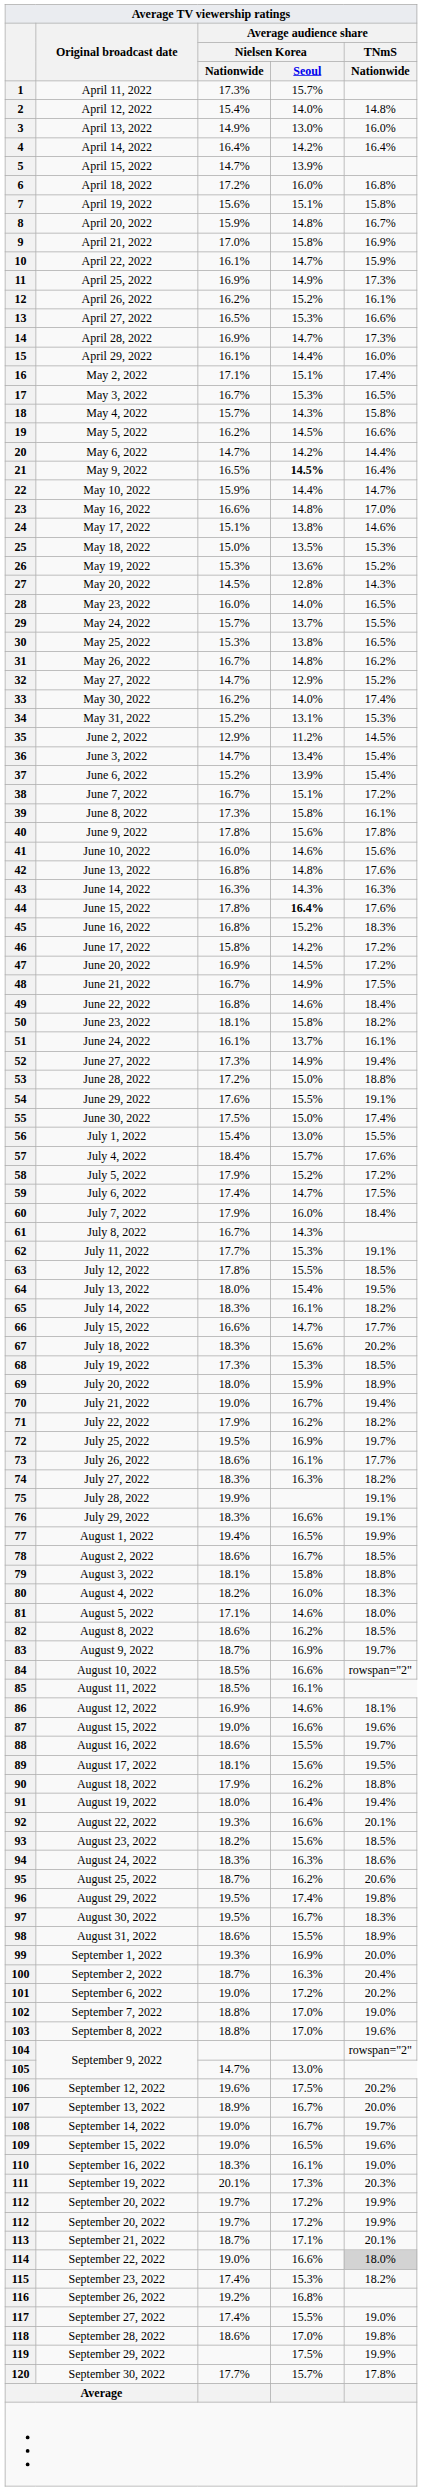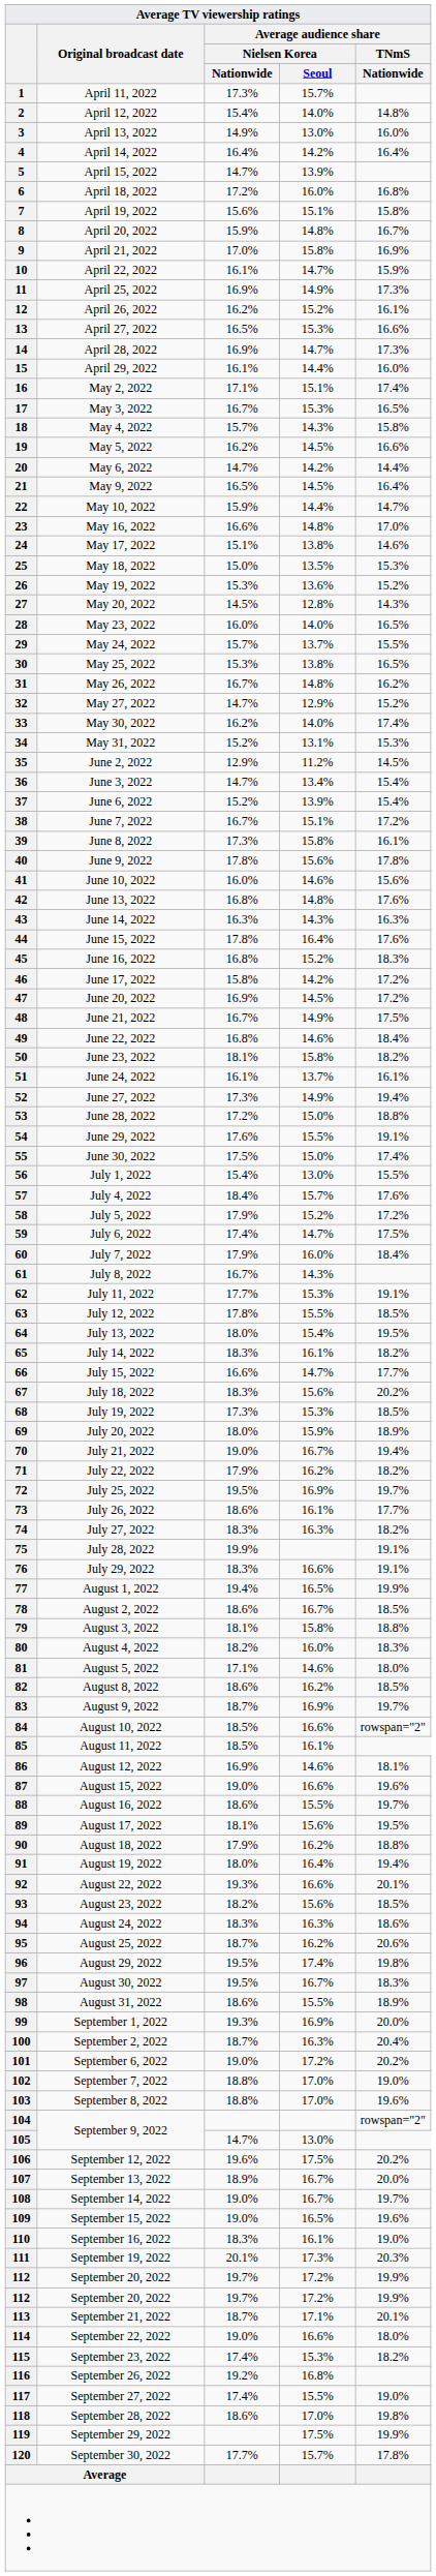 <table class="wikitable mw-collapsible mw-collapsed innercollapse" style="text-align:center; max-width:550px; margin-left: auto; margin-right: auto; border: none;">
 <tr>
 <th colspan="6" style="background:#EAECF0; color:black; text-align:center; width:550px;">Average TV viewership ratings</th>
 </tr>
 <tr>
 <th rowspan="3"></th>
 <th rowspan="3">Original broadcast date</th>
 <th colspan="3">Average audience share</th>
 </tr>
 <tr>
 <th colspan="2">Nielsen Korea</th>
 <th>TNmS</th>
 </tr>
 <tr>
 <th width="90">Nationwide</th>
 <th width="90"><a href='#'>Seoul</a></th>
 <th width="90">Nationwide</th>
 </tr>
 <tr>
 <th>1</th>
 <td>April 11, 2022</td>
 <td>17.3% </td>
 <td>15.7% </td>
 <td></td>
 </tr>
 <tr>
 <th>2</th>
 <td>April 12, 2022</td>
 <td>15.4% </td>
 <td>14.0% </td>
 <td>14.8% </td>
 </tr>
 <tr>
 <th>3</th>
 <td>April 13, 2022</td>
 <td>14.9% </td>
 <td>13.0% </td>
 <td>16.0% </td>
 </tr>
 <tr>
 <th>4</th>
 <td>April 14, 2022</td>
 <td>16.4% </td>
 <td>14.2% </td>
 <td>16.4% </td>
 </tr>
 <tr>
 <th>5</th>
 <td>April 15, 2022</td>
 <td>14.7% </td>
 <td>13.9% </td>
 <td> </td>
 </tr>
 <tr>
 <th>6</th>
 <td>April 18, 2022</td>
 <td>17.2% </td>
 <td>16.0% </td>
 <td>16.8% </td>
 </tr>
 <tr>
 <th>7</th>
 <td>April 19, 2022</td>
 <td>15.6% </td>
 <td>15.1% </td>
 <td>15.8% </td>
 </tr>
 <tr>
 <th>8</th>
 <td>April 20, 2022</td>
 <td>15.9% </td>
 <td>14.8% </td>
 <td>16.7% </td>
 </tr>
 <tr>
 <th>9</th>
 <td>April 21, 2022</td>
 <td>17.0% </td>
 <td>15.8% </td>
 <td>16.9% </td>
 </tr>
 <tr>
 <th>10</th>
 <td>April 22, 2022</td>
 <td>16.1% </td>
 <td>14.7% </td>
 <td>15.9% </td>
 </tr>
 <tr>
 <th>11</th>
 <td>April 25, 2022</td>
 <td>16.9% </td>
 <td>14.9% </td>
 <td>17.3% </td>
 </tr>
 <tr>
 <th>12</th>
 <td>April 26, 2022</td>
 <td>16.2% </td>
 <td>15.2% </td>
 <td>16.1% </td>
 </tr>
 <tr>
 <th>13</th>
 <td>April 27, 2022</td>
 <td>16.5% </td>
 <td>15.3% </td>
 <td>16.6% </td>
 </tr>
 <tr>
 <th>14</th>
 <td>April 28, 2022</td>
 <td>16.9% </td>
 <td>14.7% </td>
 <td>17.3% </td>
 </tr>
 <tr>
 <th>15</th>
 <td>April 29, 2022</td>
 <td>16.1% </td>
 <td>14.4% </td>
 <td>16.0% </td>
 </tr>
 <tr>
 <th>16</th>
 <td>May 2, 2022</td>
 <td>17.1% </td>
 <td>15.1% </td>
 <td>17.4% </td>
 </tr>
 <tr>
 <th>17</th>
 <td>May 3, 2022</td>
 <td>16.7% </td>
 <td>15.3% </td>
 <td>16.5% </td>
 </tr>
 <tr>
 <th>18</th>
 <td>May 4, 2022</td>
 <td>15.7% </td>
 <td>14.3% </td>
 <td>15.8% </td>
 </tr>
 <tr>
 <th>19</th>
 <td>May 5, 2022</td>
 <td>16.2% </td>
 <td>14.5% </td>
 <td>16.6% </td>
 </tr>
 <tr>
 <th>20</th>
 <td>May 6, 2022</td>
 <td>14.7% </td>
 <td>14.2% </td>
 <td>14.4% </td>
 </tr>
 <tr>
 <th>21</th>
 <td>May 9, 2022</td>
 <td>16.5% </td>
-<td><strong>14.5% </strong></td>
+<td>14.5% </td>
 <td>16.4% </td>
 </tr>
 <tr>
 <th>22</th>
 <td>May 10, 2022</td>
 <td>15.9% </td>
 <td>14.4% </td>
 <td>14.7% </td>
 </tr>
 <tr>
 <th>23</th>
 <td>May 16, 2022</td>
 <td>16.6% </td>
 <td>14.8% </td>
 <td>17.0% </td>
 </tr>
 <tr>
 <th>24</th>
 <td>May 17, 2022</td>
 <td>15.1% </td>
 <td>13.8% </td>
 <td>14.6% </td>
 </tr>
 <tr>
 <th>25</th>
 <td>May 18, 2022</td>
 <td>15.0% </td>
 <td>13.5% </td>
 <td>15.3% </td>
 </tr>
 <tr>
 <th>26</th>
 <td>May 19, 2022</td>
 <td>15.3% </td>
 <td>13.6% </td>
 <td>15.2% </td>
 </tr>
 <tr>
 <th>27</th>
 <td>May 20, 2022</td>
 <td>14.5% </td>
 <td>12.8% </td>
 <td>14.3% </td>
 </tr>
 <tr>
 <th>28</th>
 <td>May 23, 2022</td>
 <td>16.0% </td>
 <td>14.0% </td>
 <td>16.5% </td>
 </tr>
 <tr>
 <th>29</th>
 <td>May 24, 2022</td>
 <td>15.7% </td>
 <td>13.7% </td>
 <td>15.5% </td>
 </tr>
 <tr>
 <th>30</th>
 <td>May 25, 2022</td>
 <td>15.3% </td>
 <td>13.8% </td>
 <td>16.5% </td>
 </tr>
 <tr>
 <th>31</th>
 <td>May 26, 2022</td>
 <td>16.7% </td>
 <td>14.8% </td>
 <td>16.2% </td>
 </tr>
 <tr>
 <th>32</th>
 <td>May 27, 2022</td>
 <td>14.7% </td>
 <td>12.9% </td>
 <td>15.2% </td>
 </tr>
 <tr>
 <th>33</th>
 <td>May 30, 2022</td>
 <td>16.2% </td>
 <td>14.0% </td>
 <td>17.4% </td>
 </tr>
 <tr>
 <th>34</th>
 <td>May 31, 2022</td>
 <td>15.2% </td>
 <td>13.1% </td>
 <td>15.3% </td>
 </tr>
 <tr>
 <th>35</th>
 <td>June 2, 2022</td>
 <td>12.9% </td>
 <td>11.2% </td>
 <td>14.5% </td>
 </tr>
 <tr>
 <th>36</th>
 <td>June 3, 2022</td>
 <td>14.7% </td>
 <td>13.4% </td>
 <td>15.4% </td>
 </tr>
 <tr>
 <th>37</th>
 <td>June 6, 2022</td>
 <td>15.2% </td>
 <td>13.9% </td>
 <td>15.4% </td>
 </tr>
 <tr>
 <th>38</th>
 <td>June 7, 2022</td>
 <td>16.7% </td>
 <td>15.1% </td>
 <td>17.2% </td>
 </tr>
 <tr>
 <th>39</th>
 <td>June 8, 2022</td>
 <td>17.3% </td>
 <td>15.8% </td>
 <td>16.1% </td>
 </tr>
 <tr>
 <th>40</th>
 <td>June 9, 2022</td>
 <td>17.8% </td>
 <td>15.6% </td>
 <td>17.8% </td>
 </tr>
 <tr>
 <th>41</th>
 <td>June 10, 2022</td>
 <td>16.0% </td>
 <td>14.6% </td>
 <td>15.6% </td>
 </tr>
 <tr>
 <th>42</th>
 <td>June 13, 2022</td>
 <td>16.8% </td>
 <td>14.8% </td>
 <td>17.6% </td>
 </tr>
 <tr>
 <th>43</th>
 <td>June 14, 2022</td>
 <td>16.3% </td>
 <td>14.3% </td>
 <td>16.3% </td>
 </tr>
 <tr>
 <th>44</th>
 <td>June 15, 2022</td>
 <td>17.8% </td>
-<td><strong>16.4% </strong></td>
+<td>16.4% </td>
 <td>17.6% </td>
 </tr>
 <tr>
 <th>45</th>
 <td>June 16, 2022</td>
 <td>16.8% </td>
 <td>15.2% </td>
 <td>18.3% </td>
 </tr>
 <tr>
 <th>46</th>
 <td>June 17, 2022</td>
 <td>15.8% </td>
 <td>14.2% </td>
 <td>17.2% </td>
 </tr>
 <tr>
 <th>47</th>
 <td>June 20, 2022</td>
 <td>16.9% </td>
 <td>14.5% </td>
 <td>17.2% </td>
 </tr>
 <tr>
 <th>48</th>
 <td>June 21, 2022</td>
 <td>16.7% </td>
 <td>14.9% </td>
 <td>17.5% </td>
 </tr>
 <tr>
 <th>49</th>
 <td>June 22, 2022</td>
 <td>16.8% </td>
 <td>14.6% </td>
 <td>18.4% </td>
 </tr>
 <tr>
 <th>50</th>
 <td>June 23, 2022</td>
 <td>18.1% </td>
 <td>15.8% </td>
 <td>18.2% </td>
 </tr>
 <tr>
 <th>51</th>
 <td>June 24, 2022</td>
 <td>16.1% </td>
 <td>13.7% </td>
 <td>16.1% </td>
 </tr>
 <tr>
 <th>52</th>
 <td>June 27, 2022</td>
 <td>17.3% </td>
 <td>14.9% </td>
 <td>19.4% </td>
 </tr>
 <tr>
 <th>53</th>
 <td>June 28, 2022</td>
 <td>17.2% </td>
 <td>15.0% </td>
 <td>18.8% </td>
 </tr>
 <tr>
 <th>54</th>
 <td>June 29, 2022</td>
 <td>17.6% </td>
 <td>15.5% </td>
 <td>19.1% </td>
 </tr>
 <tr>
 <th>55</th>
 <td>June 30, 2022</td>
 <td>17.5% </td>
 <td>15.0% </td>
 <td>17.4% </td>
 </tr>
 <tr>
 <th>56</th>
 <td>July 1, 2022</td>
 <td>15.4% </td>
 <td>13.0% </td>
 <td>15.5% </td>
 </tr>
 <tr>
 <th>57</th>
 <td>July 4, 2022</td>
 <td>18.4% </td>
 <td>15.7% </td>
 <td>17.6% </td>
 </tr>
 <tr>
 <th>58</th>
 <td>July 5, 2022</td>
 <td>17.9% </td>
 <td>15.2% </td>
 <td>17.2% </td>
 </tr>
 <tr>
 <th>59</th>
 <td>July 6, 2022</td>
 <td>17.4% </td>
 <td>14.7% </td>
 <td>17.5% </td>
 </tr>
 <tr>
 <th>60</th>
 <td>July 7, 2022</td>
 <td>17.9% </td>
 <td>16.0% </td>
 <td>18.4% </td>
 </tr>
 <tr>
 <th>61</th>
 <td>July 8, 2022</td>
 <td>16.7% </td>
 <td>14.3% </td>
 <td></td>
 </tr>
 <tr>
 <th>62</th>
 <td>July 11, 2022</td>
 <td>17.7% </td>
 <td>15.3% </td>
 <td>19.1% </td>
 </tr>
 <tr>
 <th>63</th>
 <td>July 12, 2022</td>
 <td>17.8% </td>
 <td>15.5% </td>
 <td>18.5% </td>
 </tr>
 <tr>
 <th>64</th>
 <td>July 13, 2022</td>
 <td>18.0% </td>
 <td>15.4% </td>
 <td>19.5% </td>
 </tr>
 <tr>
 <th>65</th>
 <td>July 14, 2022</td>
 <td>18.3% </td>
 <td>16.1% </td>
 <td>18.2% </td>
 </tr>
 <tr>
 <th>66</th>
 <td>July 15, 2022</td>
 <td>16.6% </td>
 <td>14.7% </td>
 <td>17.7% </td>
 </tr>
 <tr>
 <th>67</th>
 <td>July 18, 2022</td>
 <td>18.3% </td>
 <td>15.6% </td>
 <td>20.2% </td>
 </tr>
 <tr>
 <th>68</th>
 <td>July 19, 2022</td>
 <td>17.3% </td>
 <td>15.3% </td>
 <td>18.5% </td>
 </tr>
 <tr>
 <th>69</th>
 <td>July 20, 2022</td>
 <td>18.0% </td>
 <td>15.9% </td>
 <td>18.9% </td>
 </tr>
 <tr>
 <th>70</th>
 <td>July 21, 2022</td>
 <td>19.0% </td>
 <td>16.7% </td>
 <td>19.4% </td>
 </tr>
 <tr>
 <th>71</th>
 <td>July 22, 2022</td>
 <td>17.9% </td>
 <td>16.2% </td>
 <td>18.2% </td>
 </tr>
 <tr>
 <th>72</th>
 <td>July 25, 2022</td>
 <td>19.5% </td>
 <td>16.9% </td>
 <td>19.7% </td>
 </tr>
 <tr>
 <th>73</th>
 <td>July 26, 2022</td>
 <td>18.6% </td>
 <td>16.1% </td>
 <td>17.7% </td>
 </tr>
 <tr>
 <th>74</th>
 <td>July 27, 2022</td>
 <td>18.3% </td>
 <td>16.3% </td>
 <td>18.2% </td>
 </tr>
 <tr>
 <th>75</th>
 <td>July 28, 2022</td>
 <td>19.9% </td>
 <td> </td>
 <td>19.1% </td>
 </tr>
 <tr>
 <th>76</th>
 <td>July 29, 2022</td>
 <td>18.3% </td>
 <td>16.6% </td>
 <td>19.1% </td>
 </tr>
 <tr>
 <th>77</th>
 <td>August 1, 2022</td>
 <td>19.4% </td>
 <td>16.5% </td>
 <td>19.9% </td>
 </tr>
 <tr>
 <th>78</th>
 <td>August 2, 2022</td>
 <td>18.6% </td>
 <td>16.7% </td>
 <td>18.5% </td>
 </tr>
 <tr>
 <th>79</th>
 <td>August 3, 2022</td>
 <td>18.1% </td>
 <td>15.8% </td>
 <td>18.8% </td>
 </tr>
 <tr>
 <th>80</th>
 <td>August 4, 2022</td>
 <td>18.2% </td>
 <td>16.0% </td>
 <td>18.3% </td>
 </tr>
 <tr>
 <th>81</th>
 <td>August 5, 2022</td>
 <td>17.1% </td>
 <td>14.6% </td>
 <td>18.0% </td>
 </tr>
 <tr>
 <th>82</th>
 <td>August 8, 2022</td>
 <td>18.6% </td>
 <td>16.2% </td>
 <td>18.5% </td>
 </tr>
 <tr>
 <th>83</th>
 <td>August 9, 2022</td>
 <td>18.7% </td>
 <td>16.9% </td>
 <td>19.7% </td>
 </tr>
 <tr>
 <th>84</th>
 <td>August 10, 2022</td>
 <td>18.5% </td>
 <td>16.6% </td>
 <td>rowspan="2" </td>
 </tr>
 <tr>
 <th>85</th>
 <td>August 11, 2022</td>
 <td>18.5% </td>
 <td>16.1% </td>
 </tr>
 <tr>
 <th>86</th>
 <td>August 12, 2022</td>
 <td>16.9% </td>
 <td>14.6% </td>
 <td>18.1% </td>
 </tr>
 <tr>
 <th>87</th>
 <td>August 15, 2022</td>
 <td>19.0% </td>
 <td>16.6% </td>
 <td>19.6% </td>
 </tr>
 <tr>
 <th>88</th>
 <td>August 16, 2022</td>
 <td>18.6% </td>
 <td>15.5% </td>
 <td>19.7% </td>
 </tr>
 <tr>
 <th>89</th>
 <td>August 17, 2022</td>
 <td>18.1% </td>
 <td>15.6% </td>
 <td>19.5% </td>
 </tr>
 <tr>
 <th>90</th>
 <td>August 18, 2022</td>
 <td>17.9% </td>
 <td>16.2% </td>
 <td>18.8% </td>
 </tr>
 <tr>
 <th>91</th>
 <td>August 19, 2022</td>
 <td>18.0% </td>
 <td>16.4% </td>
 <td>19.4% </td>
 </tr>
 <tr>
 <th>92</th>
 <td>August 22, 2022</td>
 <td>19.3% </td>
 <td>16.6% </td>
 <td>20.1% </td>
 </tr>
 <tr>
 <th>93</th>
 <td>August 23, 2022</td>
 <td>18.2% </td>
 <td>15.6% </td>
 <td>18.5% </td>
 </tr>
 <tr>
 <th>94</th>
 <td>August 24, 2022</td>
 <td>18.3% </td>
 <td>16.3% </td>
 <td>18.6% </td>
 </tr>
 <tr>
 <th>95</th>
 <td>August 25, 2022</td>
 <td>18.7% </td>
 <td>16.2% </td>
 <td>20.6% </td>
 </tr>
 <tr>
 <th>96</th>
 <td>August 29, 2022</td>
 <td>19.5% </td>
 <td>17.4% </td>
 <td>19.8% </td>
 </tr>
 <tr>
 <th>97</th>
 <td>August 30, 2022</td>
 <td>19.5% </td>
 <td>16.7% </td>
 <td>18.3% </td>
 </tr>
 <tr>
 <th>98</th>
 <td>August 31, 2022</td>
 <td>18.6% </td>
 <td>15.5% </td>
 <td>18.9% </td>
 </tr>
 <tr>
 <th>99</th>
 <td>September 1, 2022</td>
 <td>19.3% </td>
 <td>16.9% </td>
 <td>20.0% </td>
 </tr>
 <tr>
 <th>100</th>
 <td>September 2, 2022</td>
 <td>18.7% </td>
 <td>16.3% </td>
 <td>20.4% </td>
 </tr>
 <tr>
 <th>101</th>
 <td>September 6, 2022</td>
 <td>19.0% </td>
 <td>17.2% </td>
 <td>20.2% </td>
 </tr>
 <tr>
 <th>102</th>
 <td>September 7, 2022</td>
 <td>18.8% </td>
 <td>17.0% </td>
 <td>19.0% </td>
 </tr>
 <tr>
 <th>103</th>
 <td>September 8, 2022</td>
 <td>18.8% </td>
 <td>17.0% </td>
 <td>19.6% </td>
 </tr>
 <tr>
 <th>104</th>
 <td rowspan="2">September 9, 2022</td>
 <td> </td>
 <td> </td>
 <td>rowspan="2"  </td>
 </tr>
 <tr>
 <th>105</th>
 <td>14.7% </td>
 <td>13.0% </td>
 </tr>
 <tr>
 <th>106</th>
 <td>September 12, 2022</td>
 <td>19.6% </td>
 <td>17.5% </td>
 <td>20.2% </td>
 </tr>
 <tr>
 <th>107</th>
 <td>September 13, 2022</td>
 <td>18.9% </td>
 <td>16.7% </td>
 <td>20.0% </td>
 </tr>
 <tr>
 <th>108</th>
 <td>September 14, 2022</td>
 <td>19.0% </td>
 <td>16.7% </td>
 <td>19.7% </td>
 </tr>
 <tr>
 <th>109</th>
 <td>September 15, 2022</td>
 <td>19.0% </td>
 <td>16.5% </td>
 <td>19.6% </td>
 </tr>
 <tr>
 <th>110</th>
 <td>September 16, 2022</td>
 <td>18.3% </td>
 <td>16.1% </td>
 <td>19.0% </td>
 </tr>
 <tr>
 <th>111</th>
 <td>September 19, 2022</td>
 <td>20.1% </td>
 <td>17.3% </td>
 <td>20.3% </td>
 </tr>
 <tr>
 <th>112</th>
 <td>September 20, 2022</td>
 <td>19.7% </td>
 <td>17.2% </td>
 <td>19.9% </td>
 </tr>
 <tr>
 <th>112</th>
 <td>September 20, 2022</td>
 <td>19.7% </td>
 <td>17.2% </td>
 <td>19.9% </td>
 </tr>
 <tr>
 <th>113</th>
 <td>September 21, 2022</td>
 <td>18.7% </td>
 <td>17.1% </td>
 <td>20.1% </td>
 </tr>
 <tr>
 <th>114</th>
 <td>September 22, 2022</td>
 <td>19.0% </td>
 <td>16.6% </td>
-<td style="background: lightgrey;">18.0% </td>
+<td>18.0% </td>
 </tr>
 <tr>
 <th>115</th>
 <td>September 23, 2022</td>
 <td>17.4% </td>
 <td>15.3% </td>
 <td>18.2% </td>
 </tr>
 <tr>
 <th>116</th>
 <td>September 26, 2022</td>
 <td>19.2% </td>
 <td>16.8% </td>
 <td> </td>
 </tr>
 <tr>
 <th>117</th>
 <td>September 27, 2022</td>
 <td>17.4% </td>
 <td>15.5% </td>
 <td>19.0% </td>
 </tr>
 <tr>
 <th>118</th>
 <td>September 28, 2022</td>
 <td>18.6% </td>
 <td>17.0% </td>
 <td>19.8% </td>
 </tr>
 <tr>
 <th>119</th>
 <td>September 29, 2022</td>
 <td> </td>
 <td>17.5% </td>
 <td>19.9% </td>
 </tr>
 <tr>
 <th>120</th>
 <td>September 30, 2022</td>
 <td>17.7% </td>
 <td>15.7% </td>
 <td>17.8% </td>
 </tr>
 <tr>
 <th colspan="2">Average</th>
 <th></th>
 <th></th>
 <th></th>
 </tr>
 <tr>
 <td colspan="5"><br><ul><li></li><li></li><li></li></ul></td>
 </tr>
 <tr>
 </tr>
 </table>
